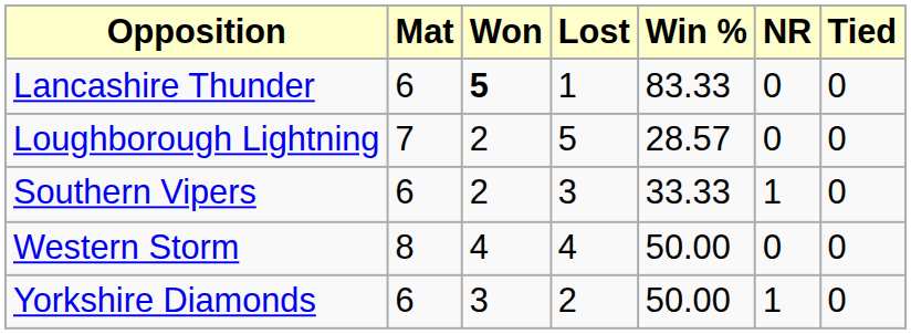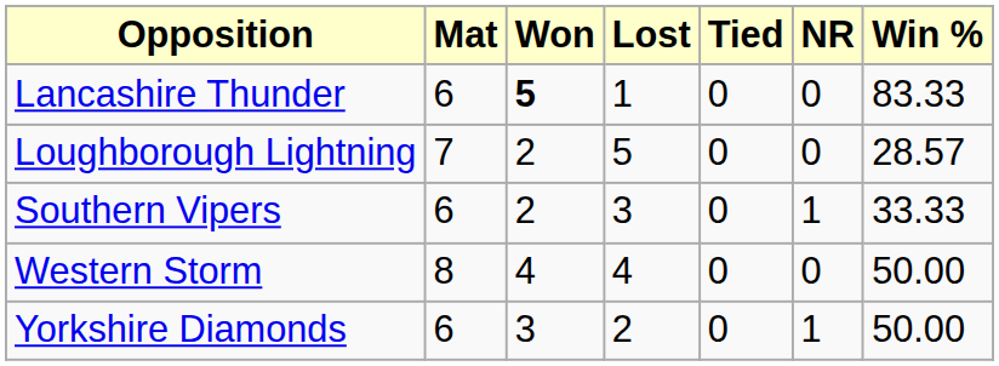 <table class="wikitable sortable">
 <tr>
 <th style="background:#ffc;">Opposition</th>
 <th style="background:#ffc;">Mat</th>
 <th style="background:#ffc;">Won</th>
 <th style="background:#ffc;">Lost</th>
+<th style="background:#ffc;">Tied</th>
+<th style="background:#ffc;">NR</th>
 <th style="background:#ffc;">Win %</th>
-<th style="background:#ffc;">NR</th>
-<th style="background:#ffc;">Tied</th>
 </tr>
 <tr>
 <td><a href='#'>Lancashire Thunder</a></td>
 <td>6</td>
 <td><strong>5</strong></td>
 <td>1</td>
-<td>83.33</td>
 <td>0</td>
 <td>0</td>
+<td>83.33</td>
 </tr>
 <tr>
 <td><a href='#'>Loughborough Lightning</a></td>
 <td>7</td>
 <td>2</td>
 <td>5</td>
-<td>28.57</td>
 <td>0</td>
 <td>0</td>
+<td>28.57</td>
 </tr>
 <tr>
 <td><a href='#'>Southern Vipers</a></td>
 <td>6</td>
 <td>2</td>
 <td>3</td>
+<td>0</td>
+<td>1</td>
 <td>33.33</td>
-<td>1</td>
-<td>0</td>
 </tr>
 <tr>
 <td><a href='#'>Western Storm</a></td>
 <td>8</td>
 <td>4</td>
 <td>4</td>
-<td>50.00</td>
 <td>0</td>
 <td>0</td>
+<td>50.00</td>
 </tr>
 <tr>
 <td><a href='#'>Yorkshire Diamonds</a></td>
 <td>6</td>
 <td>3</td>
 <td>2</td>
+<td>0</td>
+<td>1</td>
 <td>50.00</td>
-<td>1</td>
-<td>0</td>
 </tr>
 </table>
